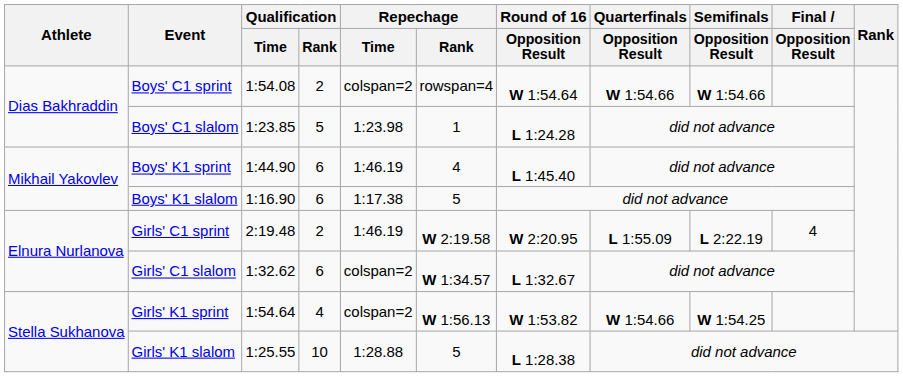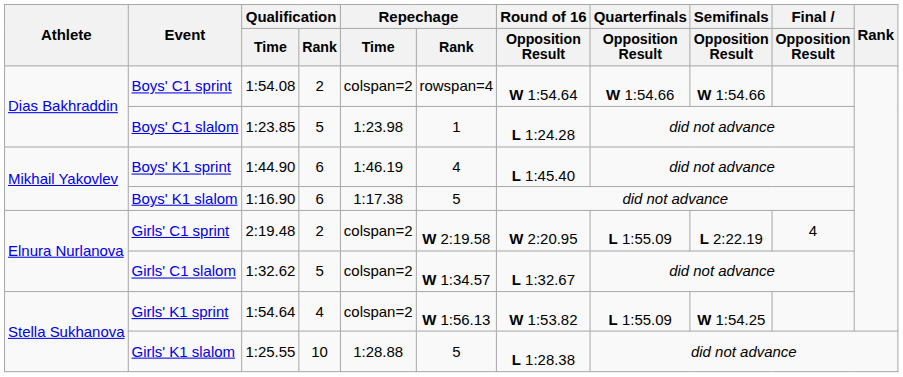 <table class="wikitable" style="font-size:90%">
 <tr>
 <th rowspan=2>Athlete</th>
 <th rowspan=2>Event</th>
 <th colspan=2>Qualification</th>
 <th colspan=2>Repechage</th>
 <th>Round of 16</th>
 <th>Quarterfinals</th>
 <th>Semifinals</th>
 <th>Final / </th>
 <th rowspan=2>Rank</th>
 </tr>
 <tr style="font-size:95%">
 <th>Time</th>
 <th>Rank</th>
 <th>Time</th>
 <th>Rank</th>
 <th>Opposition <br>Result</th>
 <th>Opposition <br>Result</th>
 <th>Opposition <br>Result</th>
 <th>Opposition <br>Result</th>
 </tr>
 <tr align="center">
 <td align="left" rowspan=2><a href='#'>Dias Bakhraddin</a></td>
 <td align="left"><a href='#'>Boys' C1 sprint</a></td>
 <td>1:54.08</td>
 <td>2</td>
 <td>colspan=2 </td>
 <td>rowspan=4 </td>
 <td><br><strong>W</strong> 1:54.64</td>
 <td><br><strong>W</strong> 1:54.66</td>
 <td><br><strong>W</strong> 1:54.66</td>
 <td></td>
 </tr>
 <tr align="center">
 <td align="left"><a href='#'>Boys' C1 slalom</a></td>
 <td>1:23.85</td>
 <td>5</td>
 <td>1:23.98</td>
 <td>1</td>
 <td><br><strong>L</strong> 1:24.28</td>
 <td colspan=3><em>did not advance</em></td>
 </tr>
 <tr align="center">
 <td align="left" rowspan=2><a href='#'>Mikhail Yakovlev</a></td>
 <td align="left"><a href='#'>Boys' K1 sprint</a></td>
 <td>1:44.90</td>
 <td>6</td>
 <td>1:46.19</td>
 <td>4</td>
 <td><br><strong>L</strong> 1:45.40</td>
 <td colspan=3><em>did not advance</em></td>
 </tr>
 <tr align="center">
 <td align="left"><a href='#'>Boys' K1 slalom</a></td>
 <td>1:16.90</td>
 <td>6</td>
 <td>1:17.38</td>
 <td>5</td>
 <td colspan=4><em>did not advance</em></td>
 </tr>
 <tr align="center">
 <td align="left" rowspan=2><a href='#'>Elnura Nurlanova</a></td>
 <td align="left"><a href='#'>Girls' C1 sprint</a></td>
 <td>2:19.48</td>
 <td>2</td>
-<td>1:46.19</td>
+<td>colspan=2 </td>
 <td><br><strong>W</strong> 2:19.58</td>
 <td><br><strong>W</strong> 2:20.95</td>
 <td><br><strong>L</strong> 1:55.09</td>
 <td><br><strong>L</strong> 2:22.19</td>
 <td>4</td>
 </tr>
 <tr align="center">
 <td align="left"><a href='#'>Girls' C1 slalom</a></td>
 <td>1:32.62</td>
-<td>6</td>
+<td>5</td>
 <td>colspan=2 </td>
 <td><br><strong>W</strong> 1:34.57</td>
 <td><br><strong>L</strong> 1:32.67</td>
 <td colspan=3><em>did not advance</em></td>
 </tr>
 <tr align="center">
 <td align="left" rowspan=2><a href='#'>Stella Sukhanova</a></td>
 <td align="left"><a href='#'>Girls' K1 sprint</a></td>
 <td>1:54.64</td>
 <td>4</td>
 <td>colspan=2 </td>
 <td><br><strong>W</strong> 1:56.13</td>
 <td><br><strong>W</strong> 1:53.82</td>
-<td><br><strong>W</strong> 1:54.66</td>
+<td><br><strong>L</strong> 1:55.09</td>
 <td><br><strong>W</strong> 1:54.25</td>
 <td></td>
 </tr>
 <tr align="center">
 <td align="left"><a href='#'>Girls' K1 slalom</a></td>
 <td>1:25.55</td>
 <td>10</td>
 <td>1:28.88</td>
 <td>5</td>
 <td><br><strong>L</strong> 1:28.38</td>
 <td colspan=4><em>did not advance</em></td>
 </tr>
 </table>
